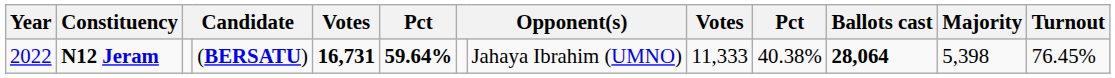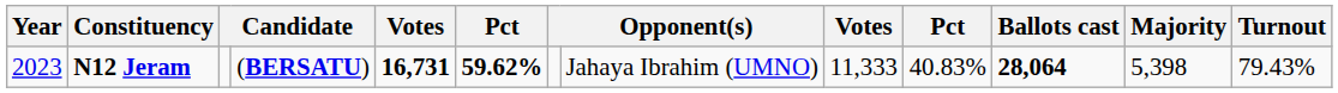 <table class="wikitable" style="margin:0.5em ; font-size:95%">
 <tr>
 <th>Year</th>
 <th>Constituency</th>
 <th colspan="2">Candidate</th>
 <th>Votes</th>
 <th>Pct</th>
 <th colspan="2">Opponent(s)</th>
 <th>Votes</th>
 <th>Pct</th>
 <th>Ballots cast</th>
 <th>Majority</th>
 <th>Turnout</th>
 </tr>
 <tr>
-<td><a href='#'>2022</a></td>
+<td><a href='#'>2023</a></td>
 <td><strong>N12 <a href='#'>Jeram</a></strong></td>
 <td></td>
 <td> (<a href='#'><strong>BERSATU</strong></a>)</td>
 <td align=right><strong>16,731</strong></td>
-<td><strong>59.64%</strong></td>
+<td><strong>59.62%</strong></td>
 <td></td>
 <td>Jahaya Ibrahim (<a href='#'>UMNO</a>)</td>
 <td align=right>11,333</td>
-<td>40.38%</td>
+<td>40.83%</td>
 <td><strong>28,064</strong></td>
 <td>5,398</td>
-<td>76.45%</td>
+<td>79.43%</td>
 </tr>
 </table>
